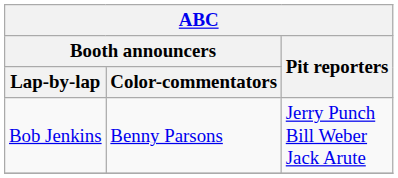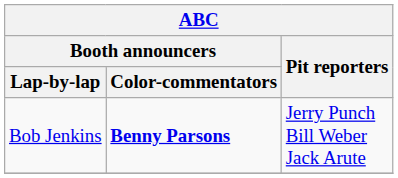 <table class="wikitable" style="font-size: 95%">
 <tr>
 <th colspan=3><a href='#'>ABC</a></th>
 </tr>
 <tr>
 <th colspan=2>Booth announcers</th>
 <th rowspan=2>Pit reporters</th>
 </tr>
 <tr>
 <th><strong>Lap-by-lap</strong></th>
 <th><strong>Color-commentators</strong></th>
 </tr>
 <tr>
 <td><a href='#'>Bob Jenkins</a></td>
-<td><a href='#'>Benny Parsons</a></td>
+<td><strong><a href='#'>Benny Parsons</a></strong></td>
 <td><a href='#'>Jerry Punch</a> <br> <a href='#'>Bill Weber</a> <br> <a href='#'>Jack Arute</a></td>
 </tr>
 <tr>
 </tr>
 </table>
